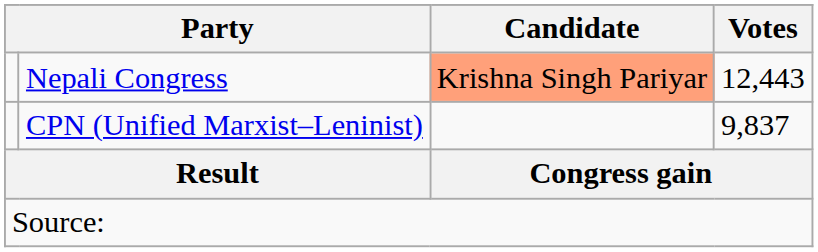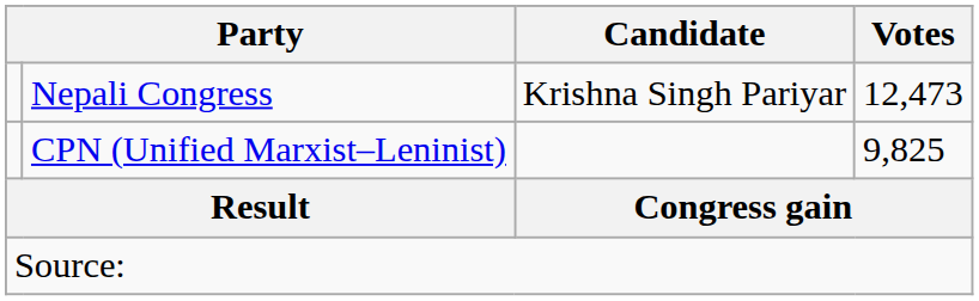 <table class="wikitable">
 <tr>
 <th colspan="2">Party</th>
 <th>Candidate</th>
 <th>Votes</th>
 </tr>
 <tr>
 <td style="background-color:"></td>
 <td><a href='#'>Nepali Congress</a></td>
-<td style="background: lightsalmon;">Krishna Singh Pariyar</td>
-<td>12,443</td>
+<td>Krishna Singh Pariyar</td>
+<td>12,473</td>
 </tr>
 <tr>
 <td style="background-color:"></td>
 <td><a href='#'>CPN (Unified Marxist–Leninist)</a></td>
 <td></td>
-<td>9,837</td>
+<td>9,825</td>
 </tr>
 <tr>
 <th colspan="2">Result</th>
 <th colspan="2">Congress gain</th>
 </tr>
 <tr>
 <td colspan="4">Source: </td>
 </tr>
 </table>
